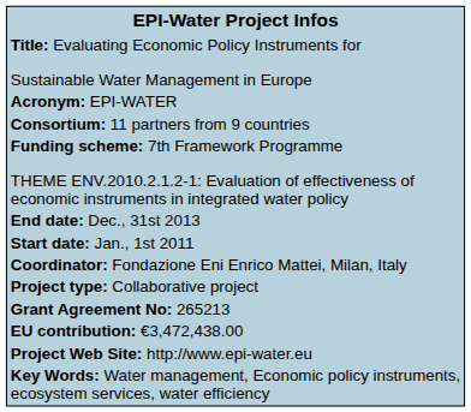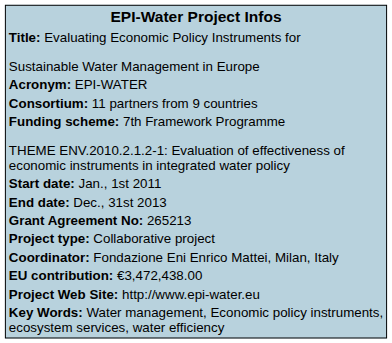 <table style="float: right; background: #B8D2DD; border:1px solid; margin:.46em 0 0 .2em">
 <tr>
 <th><strong>EPI-Water Project Infos</strong></th>
 </tr>
 <tr style="font-size:86%">
 <td><strong>Title:</strong> Evaluating Economic Policy Instruments for <br><br>Sustainable Water Management in Europe</td>
 </tr>
 <tr style="font-size:86%">
 <td><strong>Acronym:</strong> EPI-WATER</td>
 </tr>
 <tr style="font-size:86%">
 <td><strong>Consortium:</strong> 11 partners from 9 countries</td>
 </tr>
 <tr style="font-size:86%">
 <td><strong>Funding scheme:</strong> 7th Framework Programme <br><br>THEME ENV.2010.2.1.2-1: Evaluation of effectiveness of <br> economic instruments in integrated water policy</td>
 </tr>
 <tr style="font-size:86%">
+<td><strong>Start date:</strong> Jan., 1st 2011</td>
+</tr>
+<tr style="font-size:86%">
 <td><strong>End date:</strong> Dec., 31st 2013</td>
 </tr>
 <tr style="font-size:86%">
-<td><strong>Start date:</strong> Jan., 1st 2011</td>
-</tr>
-<tr style="font-size:86%">
-<td><strong>Coordinator:</strong> Fondazione Eni Enrico Mattei, Milan, Italy</td>
+<td><strong>Grant Agreement No:</strong> 265213</td>
 </tr>
 <tr style="font-size:86%">
 <td><strong>Project type:</strong> Collaborative project</td>
 </tr>
 <tr style="font-size:86%">
-<td><strong>Grant Agreement No:</strong> 265213</td>
+<td><strong>Coordinator:</strong> Fondazione Eni Enrico Mattei, Milan, Italy</td>
 </tr>
 <tr style="font-size:86%">
 <td><strong>EU contribution:</strong> €3,472,438.00</td>
 </tr>
 <tr style="font-size:86%">
 <td><strong>Project Web Site:</strong> http://www.epi-water.eu</td>
 </tr>
 <tr style="font-size:86%">
 <td><strong>Key Words:</strong> Water management, Economic policy instruments,<br> ecosystem services, water efficiency</td>
 </tr>
 </table>
